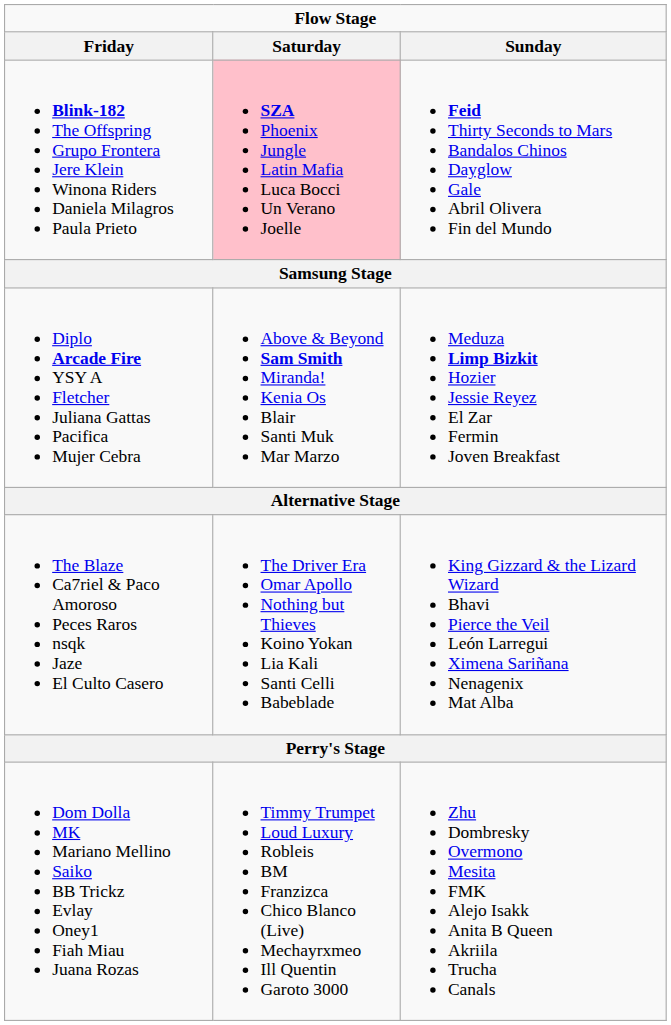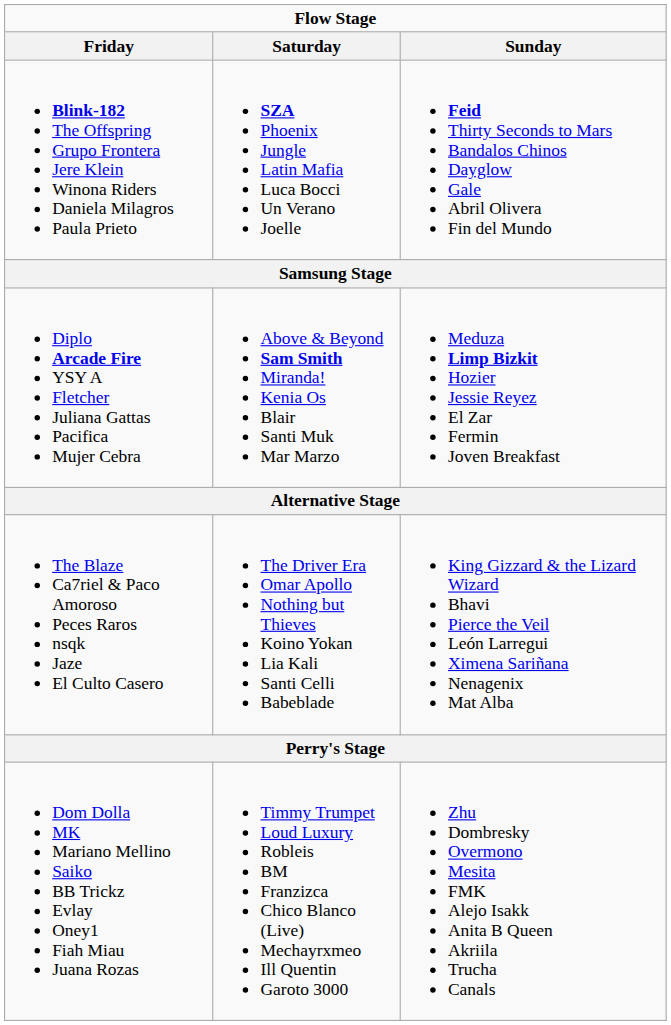 <table class="wikitable">
 <tr>
 <td colspan="3" align="center"><strong>Flow Stage</strong></td>
 </tr>
 <tr>
 <th>Friday</th>
 <th>Saturday</th>
 <th>Sunday</th>
 </tr>
 <tr valign="top">
 <td><br><ul><li><strong><a href='#'>Blink-182</a></strong></li><li><a href='#'>The Offspring</a></li><li><a href='#'>Grupo Frontera</a></li><li><a href='#'>Jere Klein</a></li><li>Winona Riders</li><li>Daniela Milagros</li><li>Paula Prieto</li></ul></td>
-<td style="background: pink;"><br><ul><li><strong><a href='#'>SZA</a></strong></li><li><a href='#'>Phoenix</a></li><li><a href='#'>Jungle</a></li><li><a href='#'>Latin Mafia</a></li><li>Luca Bocci</li><li>Un Verano</li><li>Joelle</li></ul></td>
+<td><br><ul><li><strong><a href='#'>SZA</a></strong></li><li><a href='#'>Phoenix</a></li><li><a href='#'>Jungle</a></li><li><a href='#'>Latin Mafia</a></li><li>Luca Bocci</li><li>Un Verano</li><li>Joelle</li></ul></td>
 <td><br><ul><li><strong><a href='#'>Feid</a></strong></li><li><a href='#'>Thirty Seconds to Mars</a></li><li><a href='#'>Bandalos Chinos</a></li><li><a href='#'>Dayglow</a></li><li><a href='#'>Gale</a></li><li>Abril Olivera</li><li>Fin del Mundo</li></ul></td>
 </tr>
 <tr>
 <th colspan="3">Samsung Stage</th>
 </tr>
 <tr valign="top">
 <td><br><ul><li><a href='#'>Diplo</a></li><li><strong><a href='#'>Arcade Fire</a></strong></li><li>YSY A</li><li><a href='#'>Fletcher</a></li><li>Juliana Gattas</li><li>Pacifica</li><li>Mujer Cebra</li></ul></td>
 <td><br><ul><li><a href='#'>Above & Beyond</a></li><li><strong><a href='#'>Sam Smith</a></strong></li><li><a href='#'>Miranda!</a></li><li><a href='#'>Kenia Os</a></li><li>Blair</li><li>Santi Muk</li><li>Mar Marzo</li></ul></td>
 <td><br><ul><li><a href='#'>Meduza</a></li><li><strong><a href='#'>Limp Bizkit</a></strong></li><li><a href='#'>Hozier</a></li><li><a href='#'>Jessie Reyez</a></li><li>El Zar</li><li>Fermin</li><li>Joven Breakfast</li></ul></td>
 </tr>
 <tr>
 <th colspan="3">Alternative Stage</th>
 </tr>
 <tr valign="top">
 <td><br><ul><li><a href='#'>The Blaze</a></li><li>Ca7riel & Paco Amoroso</li><li>Peces Raros</li><li>nsqk</li><li>Jaze</li><li>El Culto Casero</li></ul></td>
 <td><br><ul><li><a href='#'>The Driver Era</a></li><li><a href='#'>Omar Apollo</a></li><li><a href='#'>Nothing but Thieves</a></li><li>Koino Yokan</li><li>Lia Kali</li><li>Santi Celli</li><li>Babeblade</li></ul></td>
 <td><br><ul><li><a href='#'>King Gizzard & the Lizard Wizard</a></li><li>Bhavi</li><li><a href='#'>Pierce the Veil</a></li><li>León Larregui</li><li><a href='#'>Ximena Sariñana</a></li><li>Nenagenix</li><li>Mat Alba</li></ul></td>
 </tr>
 <tr>
 <th colspan="3">Perry's Stage</th>
 </tr>
 <tr valign="top">
 <td><br><ul><li><a href='#'>Dom Dolla</a></li><li><a href='#'>MK</a></li><li>Mariano Mellino</li><li><a href='#'>Saiko</a></li><li>BB Trickz</li><li>Evlay</li><li>Oney1</li><li>Fiah Miau</li><li>Juana Rozas</li></ul></td>
 <td><br><ul><li><a href='#'>Timmy Trumpet</a></li><li><a href='#'>Loud Luxury</a></li><li>Robleis</li><li>BM</li><li>Franzizca</li><li>Chico Blanco (Live)</li><li>Mechayrxmeo</li><li>Ill Quentin</li><li>Garoto 3000</li></ul></td>
 <td><br><ul><li><a href='#'>Zhu</a></li><li>Dombresky</li><li><a href='#'>Overmono</a></li><li><a href='#'>Mesita</a></li><li>FMK</li><li>Alejo Isakk</li><li>Anita B Queen</li><li>Akriila</li><li>Trucha</li><li>Canals</li></ul></td>
 </tr>
 </table>
